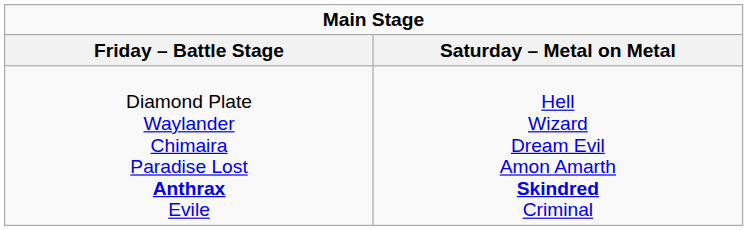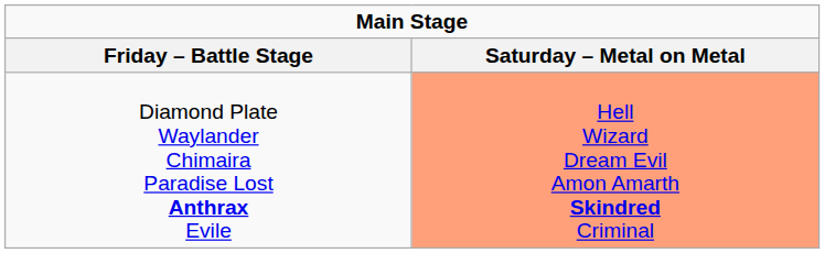 <table class="wikitable">
 <tr>
 <td colspan="3" align="center"><strong>Main Stage</strong></td>
 </tr>
 <tr>
 <th>Friday – Battle Stage</th>
 <th>Saturday – Metal on Metal</th>
 </tr>
 <tr>
 <td valign="top" align="center" width=300><br>Diamond Plate<br> <a href='#'>Waylander</a><br> <a href='#'>Chimaira</a><br> <a href='#'>Paradise Lost</a><br> <strong><a href='#'>Anthrax</a></strong><br> <a href='#'>Evile</a><br></td>
-<td valign="top" align="center" width=300><br><a href='#'>Hell</a> <br> <a href='#'>Wizard</a><br> <a href='#'>Dream Evil</a><br> <a href='#'>Amon Amarth</a><br> <strong><a href='#'>Skindred</a></strong><br> <a href='#'>Criminal</a><br></td>
+<td valign="top" align="center" width=300 style="background: lightsalmon;"><br><a href='#'>Hell</a> <br> <a href='#'>Wizard</a><br> <a href='#'>Dream Evil</a><br> <a href='#'>Amon Amarth</a><br> <strong><a href='#'>Skindred</a></strong><br> <a href='#'>Criminal</a><br></td>
 </tr>
 </table>
